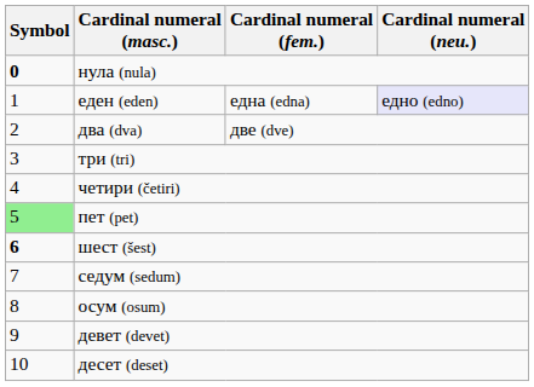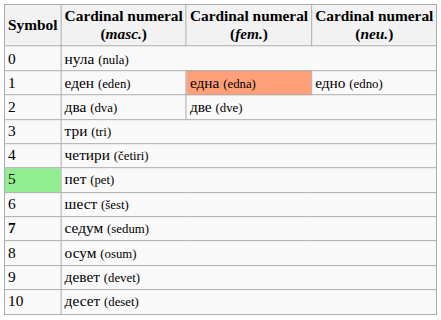 <table class="wikitable" align="center">
 <tr>
 <th>Symbol</th>
 <th>Cardinal numeral <br> (<em>masc.</em>)</th>
 <th>Cardinal numeral <br> (<em>fem.</em>)</th>
 <th>Cardinal numeral <br> (<em>neu.</em>)</th>
 </tr>
 <tr>
-<td><strong>0</strong></td>
+<td>0</td>
 <td colspan="3">нула <small>(nula)</small></td>
 </tr>
 <tr>
 <td>1</td>
 <td>еден  <small>(eden)</small></td>
-<td>една <small>(edna)</small></td>
-<td style="background: lavender;">едно <small>(edno)</small></td>
+<td style="background: lightsalmon;">една <small>(edna)</small></td>
+<td>едно <small>(edno)</small></td>
 </tr>
 <tr>
 <td>2</td>
 <td>два <small>(dva)</small></td>
 <td colspan="2">две <small>(dve)</small></td>
 </tr>
 <tr>
 <td>3</td>
 <td colspan="3">три <small>(tri)</small></td>
 </tr>
 <tr>
 <td>4</td>
 <td colspan="3">четири <small>(četiri)</small></td>
 </tr>
 <tr>
 <td style="background: lightgreen;">5</td>
 <td colspan="3">пет <small>(pet)</small></td>
 </tr>
 <tr>
-<td><strong>6</strong></td>
+<td>6</td>
 <td colspan="3">шест <small>(šest)</small></td>
 </tr>
 <tr>
-<td>7</td>
+<td><strong>7</strong></td>
 <td colspan="3">седум <small>(sedum)</small></td>
 </tr>
 <tr>
 <td>8</td>
 <td colspan="3">осум <small>(osum)</small></td>
 </tr>
 <tr>
 <td>9</td>
 <td colspan="3">девет <small>(devet)</small></td>
 </tr>
 <tr>
 <td>10</td>
 <td colspan="3">десет <small>(deset)</small></td>
 </tr>
 </table>
